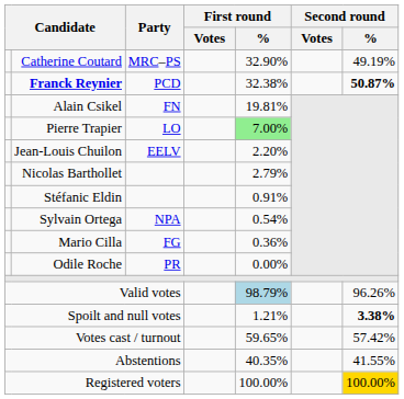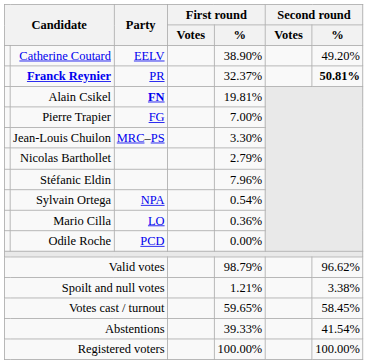 <table class="wikitable" style="text-align:right;font-size:95%;">
 <tr>
 <th rowspan=2 colspan=2>Candidate</th>
 <th rowspan=2 colspan=1>Party</th>
 <th colspan=2>First round</th>
 <th colspan=2>Second round</th>
 </tr>
 <tr>
 <th style="width:50px;">Votes</th>
 <th style="width:55px;">%</th>
 <th style="width:50px;">Votes</th>
 <th style="width:55px;">%</th>
 </tr>
 <tr>
 <td style="color:inherit;background-color:"></td>
 <td><a href='#'>Catherine Coutard</a></td>
-<td><a href='#'>MRC</a>–<a href='#'>PS</a></td>
+<td><a href='#'>EELV</a></td>
 <td></td>
-<td>32.90%</td>
+<td>38.90%</td>
 <td></td>
-<td>49.19%</td>
+<td>49.20%</td>
 </tr>
 <tr>
 <td style="color:inherit;background-color:"></td>
 <td><strong><a href='#'>Franck Reynier</a></strong></td>
-<td><a href='#'>PCD</a></td>
+<td><a href='#'>PR</a></td>
 <td></td>
-<td>32.38%</td>
+<td>32.37%</td>
 <td><strong></strong></td>
-<td><strong>50.87%</strong></td>
+<td><strong>50.81%</strong></td>
 </tr>
 <tr>
 <td style="color:inherit;background-color:"></td>
 <td>Alain Csikel</td>
-<td><a href='#'>FN</a></td>
+<td><strong><a href='#'>FN</a></strong></td>
 <td></td>
 <td>19.81%</td>
 <td colspan=7 rowspan=8 style="background-color:#E9E9E9;"></td>
 </tr>
 <tr>
 <td style="color:inherit;background-color:"></td>
 <td>Pierre Trapier</td>
-<td><a href='#'>LO</a></td>
+<td><a href='#'>FG</a></td>
 <td></td>
-<td style="background: lightgreen;">7.00%</td>
+<td>7.00%</td>
 </tr>
 <tr>
 <td style="color:inherit;background-color:"></td>
 <td>Jean-Louis Chuilon</td>
-<td><a href='#'>EELV</a></td>
+<td><a href='#'>MRC</a>–<a href='#'>PS</a></td>
 <td></td>
-<td>2.20%</td>
+<td>3.30%</td>
 </tr>
 <tr>
 <td style="background-color:;"></td>
 <td>Nicolas Barthollet</td>
 <td></td>
 <td></td>
 <td>2.79%</td>
 </tr>
 <tr>
 <td style="background-color:;"></td>
 <td>Stéfanic Eldin</td>
 <td></td>
 <td></td>
-<td>0.91%</td>
+<td>7.96%</td>
 </tr>
 <tr>
 <td style="color:inherit;background-color:"></td>
 <td>Sylvain Ortega</td>
 <td><a href='#'>NPA</a></td>
 <td></td>
 <td>0.54%</td>
 </tr>
 <tr>
 <td style="color:inherit;background-color:"></td>
 <td>Mario Cilla</td>
-<td><a href='#'>FG</a></td>
+<td><a href='#'>LO</a></td>
 <td></td>
 <td>0.36%</td>
 </tr>
 <tr>
 <td style="color:inherit;background-color:"></td>
 <td>Odile Roche</td>
-<td><a href='#'>PR</a></td>
+<td><a href='#'>PCD</a></td>
 <td></td>
 <td>0.00%</td>
 </tr>
 <tr>
 <td colspan=7 style="background-color:#E9E9E9;"></td>
 </tr>
 <tr>
 <td colspan=3>Valid votes</td>
 <td></td>
-<td style="background: lightblue;">98.79%</td>
+<td>98.79%</td>
 <td></td>
-<td>96.26%</td>
+<td>96.62%</td>
 </tr>
 <tr>
 <td colspan=3>Spoilt and null votes</td>
 <td></td>
 <td>1.21%</td>
 <td></td>
-<td><strong>3.38%</strong></td>
+<td>3.38%</td>
 </tr>
 <tr>
 <td colspan=3>Votes cast / turnout</td>
 <td></td>
 <td>59.65%</td>
 <td></td>
-<td>57.42%</td>
+<td>58.45%</td>
 </tr>
 <tr>
 <td colspan=3>Abstentions</td>
 <td></td>
-<td>40.35%</td>
+<td>39.33%</td>
 <td></td>
-<td>41.55%</td>
+<td>41.54%</td>
 </tr>
 <tr>
 <td colspan=3>Registered voters</td>
 <td></td>
 <td>100.00%</td>
 <td></td>
-<td style="background: gold;">100.00%</td>
+<td>100.00%</td>
 </tr>
 </table>
